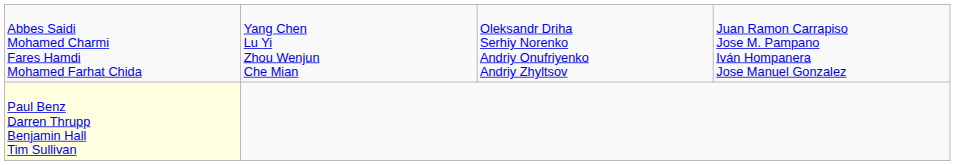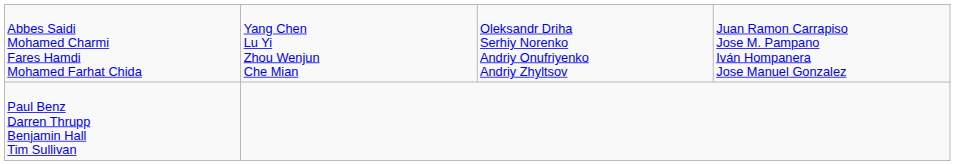 <table class="wikitable">
 <tr>
 <td style="vertical-align:top; width:18em"><br><a href='#'>Abbes Saidi</a><br><a href='#'>Mohamed Charmi</a><br><a href='#'>Fares Hamdi</a><br><a href='#'>Mohamed Farhat Chida</a></td>
 <td style="vertical-align:top; width:18em"><br><a href='#'>Yang Chen</a><br><a href='#'>Lu Yi</a><br><a href='#'>Zhou Wenjun</a><br><a href='#'>Che Mian</a></td>
 <td style="vertical-align:top; width:18em"><br><a href='#'>Oleksandr Driha</a><br><a href='#'>Serhiy Norenko</a><br><a href='#'>Andriy Onufriyenko</a><br><a href='#'>Andriy Zhyltsov</a></td>
 <td style="vertical-align:top; width:18em"><br><a href='#'>Juan Ramon Carrapiso</a><br><a href='#'>Jose M. Pampano</a><br><a href='#'>Iván Hompanera</a><br><a href='#'>Jose Manuel Gonzalez</a></td>
 </tr>
 <tr>
-<td style="background: lightyellow; vertical-align:top; width:18em"><br><a href='#'>Paul Benz</a><br><a href='#'>Darren Thrupp</a><br><a href='#'>Benjamin Hall</a><br><a href='#'>Tim Sullivan</a></td>
+<td style="vertical-align:top; width:18em"><br><a href='#'>Paul Benz</a><br><a href='#'>Darren Thrupp</a><br><a href='#'>Benjamin Hall</a><br><a href='#'>Tim Sullivan</a></td>
 </tr>
 </table>
